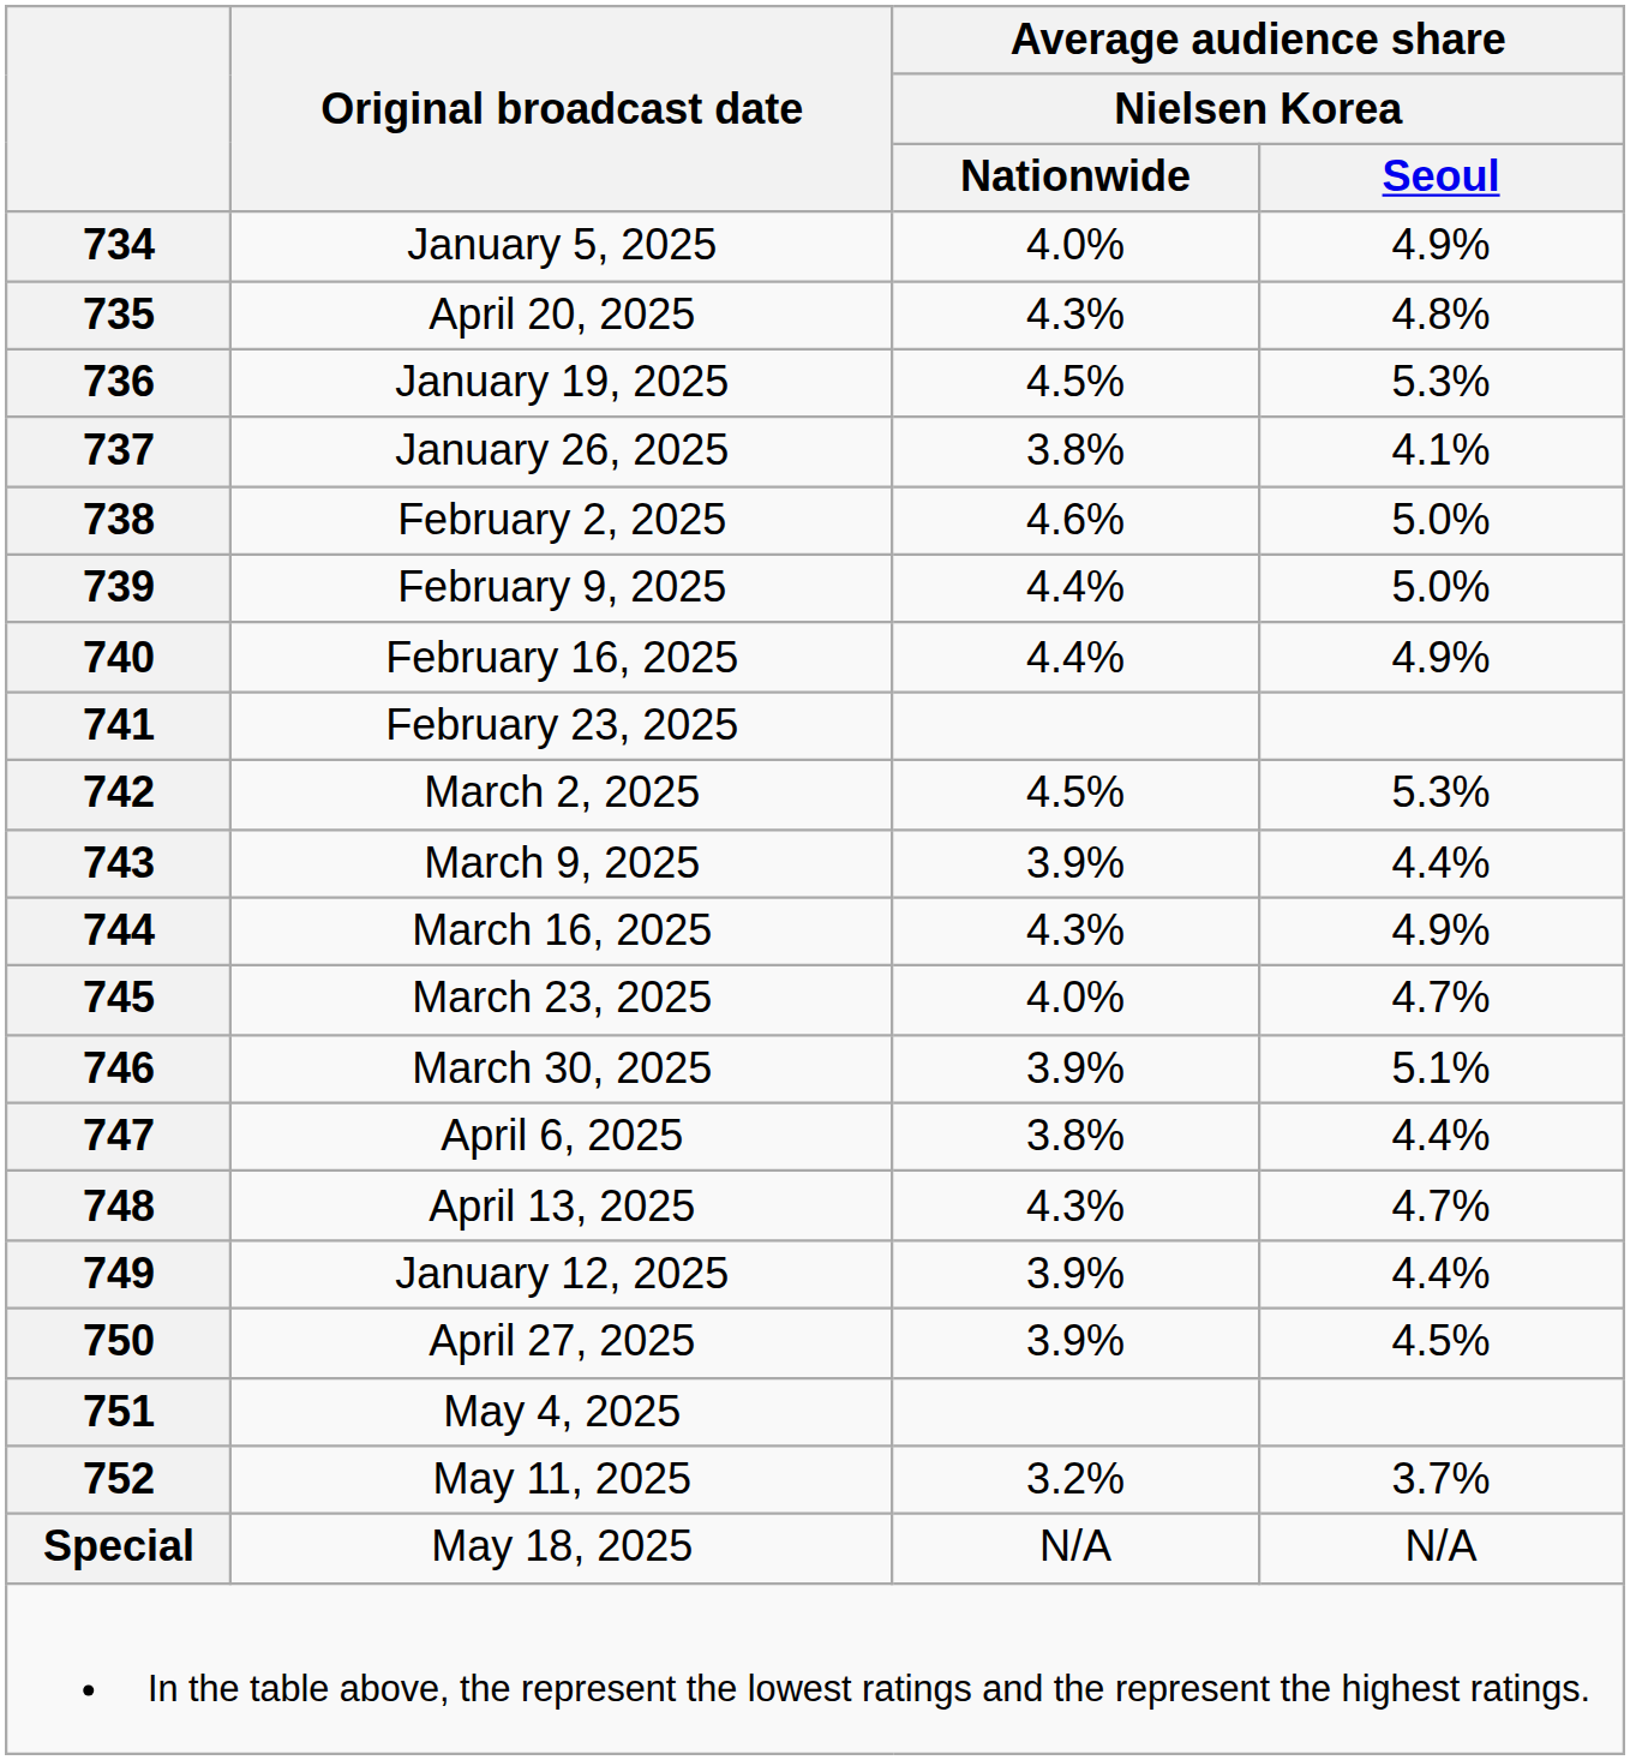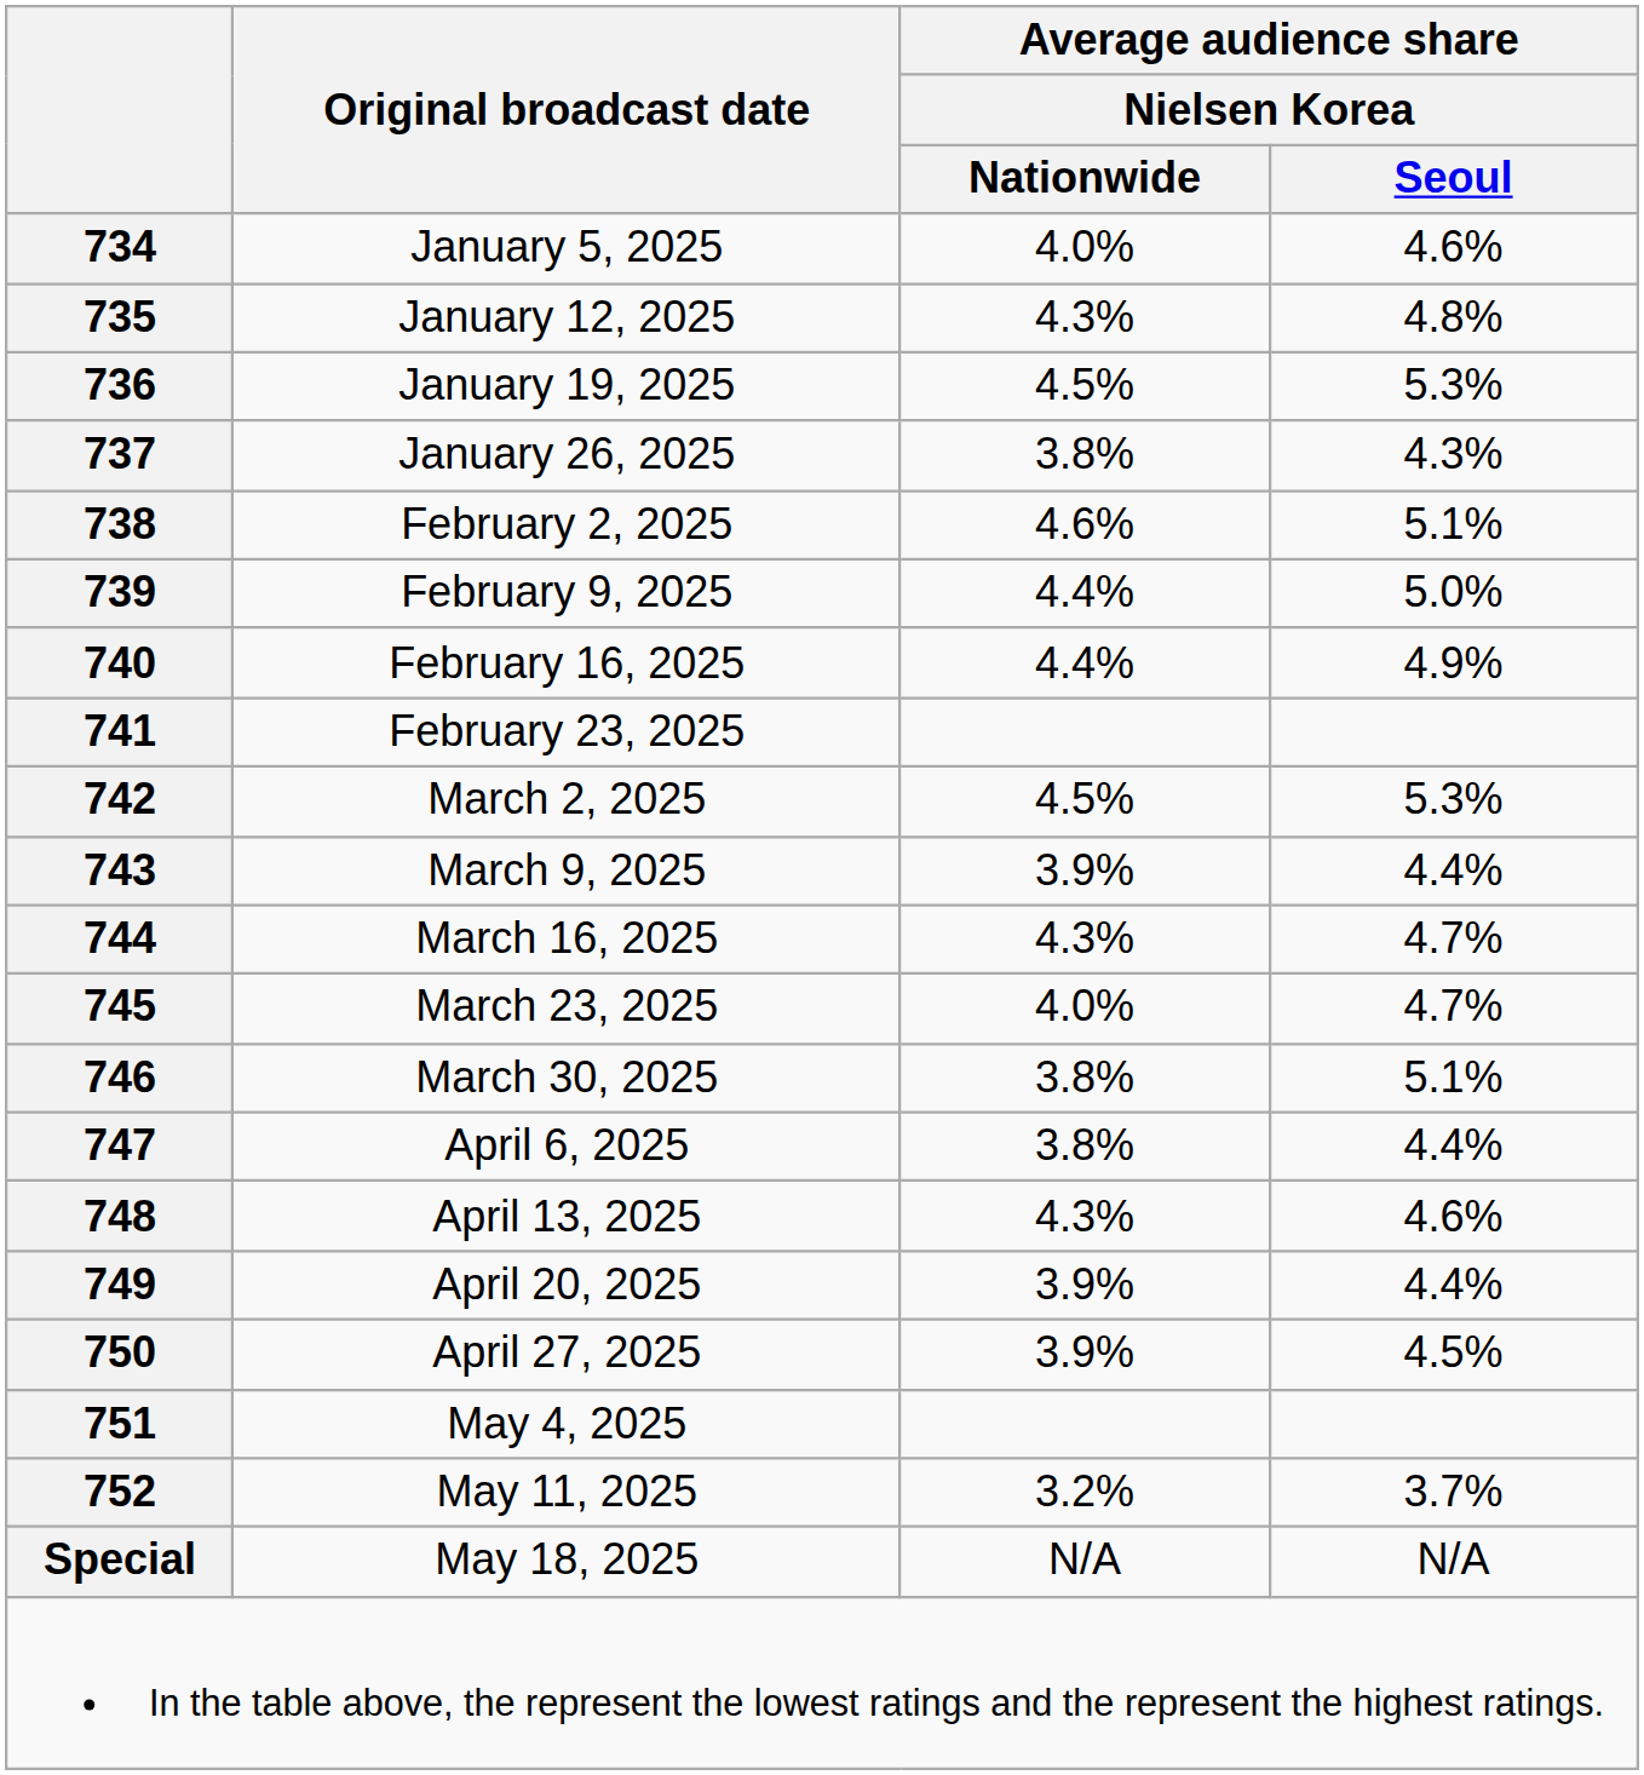 <table class="wikitable sortable" style="margin-left:auto; margin-right:auto; width:600px; text-align:center">
 <tr>
 <th scope="col" rowspan="3"></th>
 <th scope="col" rowspan="3">Original broadcast date</th>
 <th scope="col" colspan="2">Average audience share</th>
 </tr>
 <tr>
 <th scope="col" colspan="2">Nielsen Korea</th>
 </tr>
 <tr>
 <th scope="col" style="width:8em">Nationwide</th>
 <th scope="col" style="width:8em"><a href='#'>Seoul</a></th>
 </tr>
 <tr>
 <th scope="col">734</th>
 <td>January 5, 2025</td>
 <td>4.0% </td>
-<td>4.9% </td>
+<td>4.6% </td>
 </tr>
 <tr>
 <th scope="col">735</th>
-<td>April 20, 2025</td>
+<td>January 12, 2025</td>
 <td>4.3% </td>
 <td>4.8% </td>
 </tr>
 <tr>
 <th scope="col">736</th>
 <td>January 19, 2025</td>
 <td>4.5% </td>
 <td>5.3% </td>
 </tr>
 <tr>
 <th scope="col">737</th>
 <td>January 26, 2025</td>
 <td>3.8% </td>
-<td>4.1% </td>
+<td>4.3% </td>
 </tr>
 <tr>
 <th scope="col">738</th>
 <td>February 2, 2025</td>
 <td>4.6% </td>
-<td>5.0% </td>
+<td>5.1% </td>
 </tr>
 <tr>
 <th scope="col">739</th>
 <td>February 9, 2025</td>
 <td>4.4% </td>
 <td>5.0% </td>
 </tr>
 <tr>
 <th scope="col">740</th>
 <td>February 16, 2025</td>
 <td>4.4% </td>
 <td>4.9% </td>
 </tr>
 <tr>
 <th scope="col">741</th>
 <td>February 23, 2025</td>
 <td><strong></strong> </td>
 <td><strong></strong> </td>
 </tr>
 <tr>
 <th scope="col'">742</th>
 <td>March 2, 2025</td>
 <td>4.5% </td>
 <td>5.3% </td>
 </tr>
 <tr>
 <th scope="col'">743</th>
 <td>March 9, 2025</td>
 <td>3.9% </td>
 <td>4.4% </td>
 </tr>
 <tr>
 <th scope="col'">744</th>
 <td>March 16, 2025</td>
 <td>4.3% </td>
-<td>4.9% </td>
+<td>4.7% </td>
 </tr>
 <tr>
 <th scope="col'">745</th>
 <td>March 23, 2025</td>
 <td>4.0% </td>
 <td>4.7% </td>
 </tr>
 <tr>
 <th scope="col'">746</th>
 <td>March 30, 2025</td>
-<td>3.9% </td>
+<td>3.8% </td>
 <td>5.1% </td>
 </tr>
 <tr>
 <th scope="col'">747</th>
 <td>April 6, 2025</td>
 <td>3.8% </td>
 <td>4.4% </td>
 </tr>
 <tr>
 <th scope="col'">748</th>
 <td>April 13, 2025</td>
 <td>4.3% </td>
-<td>4.7% </td>
+<td>4.6% </td>
 </tr>
 <tr>
 <th scope="col'">749</th>
-<td>January 12, 2025</td>
+<td>April 20, 2025</td>
 <td>3.9% </td>
 <td>4.4% </td>
 </tr>
 <tr>
 <th scope="col'">750</th>
 <td>April 27, 2025</td>
 <td>3.9% </td>
 <td>4.5% </td>
 </tr>
 <tr>
 <th scope="col'">751</th>
 <td>May 4, 2025</td>
 <td><strong></strong> </td>
 <td><strong></strong> </td>
 </tr>
 <tr>
 <th scope="col'">752</th>
 <td>May 11, 2025</td>
 <td>3.2% </td>
 <td>3.7% </td>
 </tr>
 <tr>
 <th scope="col'">Special</th>
 <td>May 18, 2025</td>
 <td>N/A</td>
 <td>N/A</td>
 </tr>
 <tr>
 <td colspan="5" style="font-size:85%"><br><ul><li>In the table above, the <strong></strong> represent the lowest ratings and the <strong></strong> represent the highest ratings.</li></ul></td>
 </tr>
 </table>
